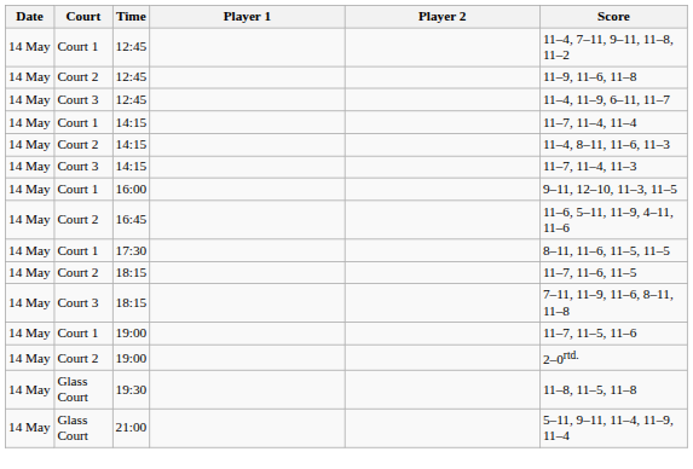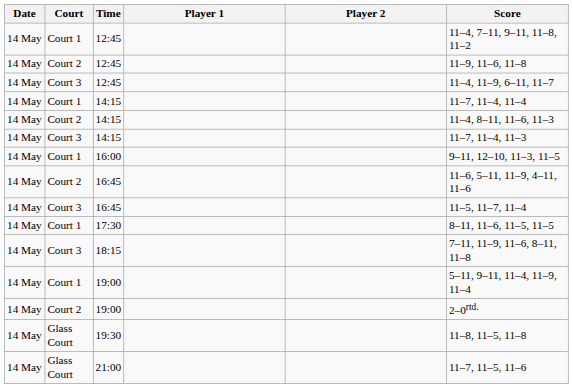 <table class="sortable wikitable" style="font-size:90%">
 <tr>
 <th width="45" class="unsortable">Date</th>
 <th width="55">Court</th>
 <th width="30">Time</th>
 <th width="200">Player 1</th>
 <th width="200">Player 2</th>
 <th width="150" class="unsortable">Score</th>
 </tr>
 <tr>
 <td>14 May</td>
 <td>Court 1</td>
 <td>12:45</td>
 <td></td>
 <td><strong></strong></td>
 <td>11–4, 7–11, 9–11, 11–8, 11–2</td>
 </tr>
 <tr>
 <td>14 May</td>
 <td>Court 2</td>
 <td>12:45</td>
 <td><strong></strong></td>
 <td></td>
 <td>11–9, 11–6, 11–8</td>
 </tr>
 <tr>
 <td>14 May</td>
 <td>Court 3</td>
 <td>12:45</td>
 <td></td>
 <td><strong></strong></td>
 <td>11–4, 11–9, 6–11, 11–7</td>
 </tr>
 <tr>
 <td>14 May</td>
 <td>Court 1</td>
 <td>14:15</td>
 <td><strong></strong></td>
 <td></td>
 <td>11–7, 11–4, 11–4</td>
 </tr>
 <tr>
 <td>14 May</td>
 <td>Court 2</td>
 <td>14:15</td>
 <td></td>
 <td><strong></strong></td>
 <td>11–4, 8–11, 11–6, 11–3</td>
 </tr>
 <tr>
 <td>14 May</td>
 <td>Court 3</td>
 <td>14:15</td>
 <td></td>
 <td><strong></strong></td>
 <td>11–7, 11–4, 11–3</td>
 </tr>
 <tr>
 <td>14 May</td>
 <td>Court 1</td>
 <td>16:00</td>
 <td><strong></strong></td>
 <td></td>
 <td>9–11, 12–10, 11–3, 11–5</td>
 </tr>
 <tr>
 <td>14 May</td>
 <td>Court 2</td>
 <td>16:45</td>
 <td><strong></strong></td>
 <td></td>
 <td>11–6, 5–11, 11–9, 4–11, 11–6</td>
 </tr>
 <tr>
 <td>14 May</td>
+<td>Court 3</td>
+<td>16:45</td>
+<td><strong></strong></td>
+<td></td>
+<td>11–5, 11–7, 11–4</td>
+</tr>
+<tr>
+<td>14 May</td>
 <td>Court 1</td>
 <td>17:30</td>
 <td><strong></strong></td>
 <td></td>
 <td>8–11, 11–6, 11–5, 11–5</td>
-</tr>
-<tr>
-<td>14 May</td>
-<td>Court 2</td>
-<td>18:15</td>
-<td></td>
-<td><strong></strong></td>
-<td>11–7, 11–6, 11–5</td>
 </tr>
 <tr>
 <td>14 May</td>
 <td>Court 3</td>
 <td>18:15</td>
 <td></td>
 <td><strong></strong></td>
 <td>7–11, 11–9, 11–6, 8–11, 11–8</td>
 </tr>
 <tr>
 <td>14 May</td>
 <td>Court 1</td>
 <td>19:00</td>
 <td><strong></strong></td>
 <td></td>
-<td>11–7, 11–5, 11–6</td>
+<td>5–11, 9–11, 11–4, 11–9, 11–4</td>
 </tr>
 <tr>
 <td>14 May</td>
 <td>Court 2</td>
 <td>19:00</td>
 <td><strong></strong></td>
 <td></td>
 <td>2–0<sup>rtd.</sup></td>
 </tr>
 <tr>
 <td>14 May</td>
 <td>Glass Court</td>
 <td>19:30</td>
 <td></td>
 <td><strong></strong></td>
 <td>11–8, 11–5, 11–8</td>
 </tr>
 <tr>
 <td>14 May</td>
 <td>Glass Court</td>
 <td>21:00</td>
 <td><strong></strong></td>
 <td></td>
-<td>5–11, 9–11, 11–4, 11–9, 11–4</td>
+<td>11–7, 11–5, 11–6</td>
 </tr>
 </table>
